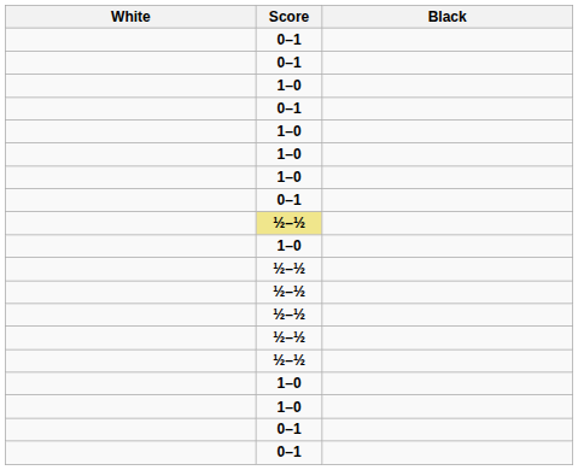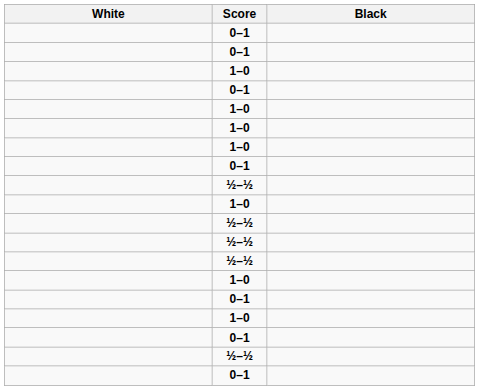 <table class="wikitable" style="text-align: center;">
 <tr>
 <th align="right" width="270">White</th>
 <th width="65">Score</th>
 <th align="left" width="270">Black</th>
 </tr>
 <tr>
 <td align=left></td>
 <td align=center><strong>0–1</strong></td>
 <td align=left><strong></strong></td>
 </tr>
 <tr>
 <td align=left></td>
 <td align=center><strong>0–1</strong></td>
 <td align=left><strong></strong></td>
 </tr>
 <tr>
 <td align=left></td>
 <td align=center><strong>1–0</strong></td>
 <td align=left></td>
 </tr>
 <tr>
 <td align=left></td>
 <td align=center><strong>0–1</strong></td>
 <td align=left><strong></strong></td>
 </tr>
 <tr>
 <td align=left></td>
 <td align=center><strong>1–0</strong></td>
 <td align=left></td>
 </tr>
 <tr>
 <td align=left><strong></strong></td>
 <td align=center><strong>1–0</strong></td>
 <td align=left></td>
 </tr>
 <tr>
 <td align=left><strong></strong></td>
 <td align=center><strong>1–0</strong></td>
 <td align=left></td>
 </tr>
 <tr>
 <td align=left></td>
 <td align=center><strong>0–1</strong></td>
 <td align=left><strong></strong></td>
 </tr>
 <tr>
 <td align=left></td>
-<td align=center style="background: khaki;"><strong>½–½</strong></td>
+<td align=center><strong>½–½</strong></td>
 <td align=left></td>
 </tr>
 <tr>
 <td align=left><strong></strong></td>
 <td align=center><strong>1–0</strong></td>
 <td align=left></td>
 </tr>
 <tr>
 <td align=left><strong></strong></td>
 <td align=center><strong>½–½</strong></td>
 <td align=left></td>
 </tr>
 <tr>
 <td align=left></td>
 <td align=center><strong>½–½</strong></td>
 <td align=left><strong></strong></td>
 </tr>
 <tr>
 <td align=left></td>
 <td align=center><strong>½–½</strong></td>
 <td align=left></td>
 </tr>
 <tr>
 <td align=left><strong></strong></td>
-<td align=center><strong>½–½</strong></td>
+<td align=center><strong>1–0</strong></td>
 <td align=left></td>
 </tr>
 <tr>
 <td align=left></td>
-<td align=center><strong>½–½</strong></td>
+<td align=center><strong>0–1</strong></td>
 <td align=left></td>
 </tr>
 <tr>
 <td align=left><strong></strong></td>
 <td align=center><strong>1–0</strong></td>
 <td align=left></td>
 </tr>
 <tr>
 <td align=left></td>
-<td align=center><strong>1–0</strong></td>
+<td align=center><strong>0–1</strong></td>
 <td align=left><strong></strong></td>
 </tr>
 <tr>
 <td align=left></td>
-<td align=center><strong>0–1</strong></td>
+<td align=center><strong>½–½</strong></td>
 <td align=left><strong></strong></td>
 </tr>
 <tr>
 <td align=left></td>
 <td align=center><strong>0–1</strong></td>
 <td align=left><strong></strong></td>
 </tr>
 </table>
